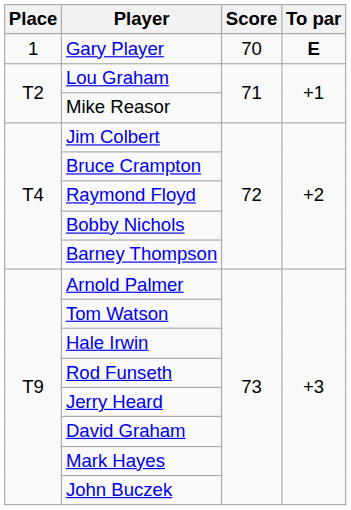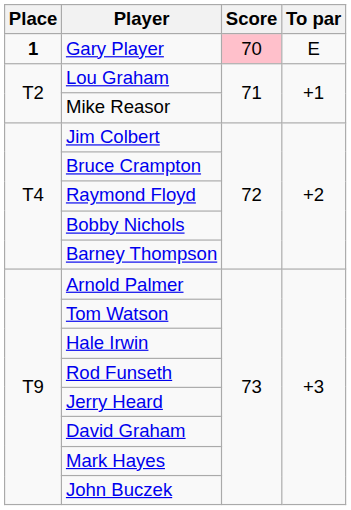 <table class=wikitable>
 <tr>
 <th>Place</th>
 <th>Player</th>
 <th>Score</th>
 <th>To par</th>
 </tr>
 <tr>
-<td align=center>1</td>
+<td align=center><strong>1</strong></td>
 <td> <a href='#'>Gary Player</a></td>
-<td align="center">70</td>
-<td align=center><strong>E</strong></td>
+<td align="center" style="background: pink;">70</td>
+<td align=center>E</td>
 </tr>
 <tr>
 <td rowspan=2 align=center>T2</td>
 <td> <a href='#'>Lou Graham</a></td>
 <td rowspan="2" align="center">71</td>
 <td rowspan=2 align=center>+1</td>
 </tr>
 <tr>
 <td> Mike Reasor</td>
 </tr>
 <tr>
 <td rowspan=5 align=center>T4</td>
 <td> <a href='#'>Jim Colbert</a></td>
 <td rowspan="5" align="center">72</td>
 <td rowspan=5 align=center>+2</td>
 </tr>
 <tr>
 <td> <a href='#'>Bruce Crampton</a></td>
 </tr>
 <tr>
 <td> <a href='#'>Raymond Floyd</a></td>
 </tr>
 <tr>
 <td> <a href='#'>Bobby Nichols</a></td>
 </tr>
 <tr>
 <td> <a href='#'>Barney Thompson</a></td>
 </tr>
 <tr>
 <td rowspan=8 align=center>T9</td>
 <td> <a href='#'>Arnold Palmer</a></td>
 <td rowspan="8" align="center">73</td>
 <td rowspan=8 align=center>+3</td>
 </tr>
 <tr>
 <td> <a href='#'>Tom Watson</a></td>
 </tr>
 <tr>
 <td> <a href='#'>Hale Irwin</a></td>
 </tr>
 <tr>
 <td> <a href='#'>Rod Funseth</a></td>
 </tr>
 <tr>
 <td> <a href='#'>Jerry Heard</a></td>
 </tr>
 <tr>
 <td> <a href='#'>David Graham</a></td>
 </tr>
 <tr>
 <td> <a href='#'>Mark Hayes</a></td>
 </tr>
 <tr>
 <td> <a href='#'>John Buczek</a></td>
 </tr>
 </table>
